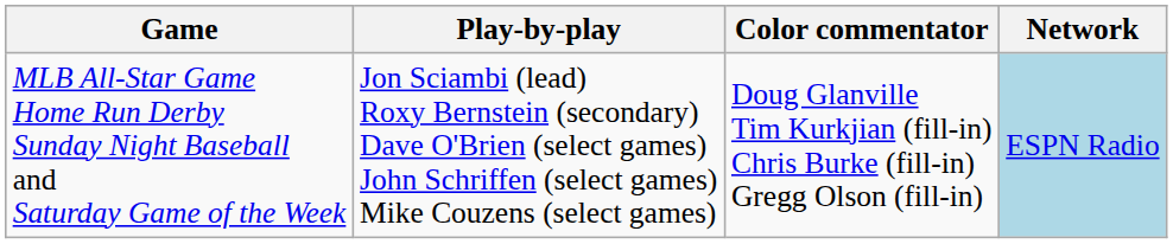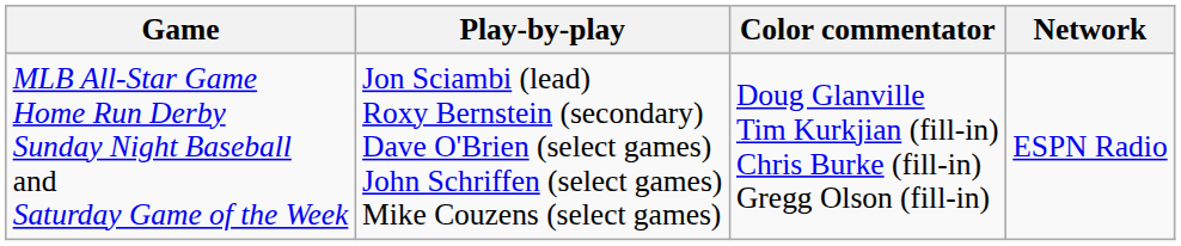 <table class="wikitable">
 <tr>
 <th>Game</th>
 <th>Play-by-play</th>
 <th>Color commentator</th>
 <th>Network</th>
 </tr>
 <tr>
 <td><em><a href='#'>MLB All-Star Game</a><br><a href='#'>Home Run Derby</a><br><a href='#'>Sunday Night Baseball</a></em><br>and<br><em><a href='#'>Saturday Game of the Week</a></em></td>
 <td><a href='#'>Jon Sciambi</a> (lead)<br><a href='#'>Roxy Bernstein</a> (secondary)<br><a href='#'>Dave O'Brien</a> (select games)<br><a href='#'>John Schriffen</a> (select games)<br>Mike Couzens (select games)</td>
 <td><a href='#'>Doug Glanville</a><br><a href='#'>Tim Kurkjian</a> (fill-in)<br><a href='#'>Chris Burke</a> (fill-in)<br>Gregg Olson (fill-in)</td>
-<td style="background: lightblue;"><a href='#'>ESPN Radio</a></td>
+<td><a href='#'>ESPN Radio</a></td>
 </tr>
 </table>
